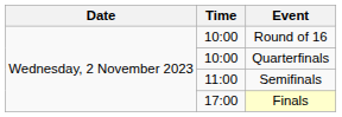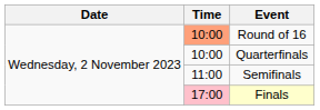 <table class = "wikitable" style="text-align:center;">
 <tr>
 <th width=220>Date</th>
 <th width=50>Time</th>
 <th width=100>Event</th>
 </tr>
 <tr>
 <td rowspan=5>Wednesday, 2 November 2023</td>
-<td>10:00</td>
+<td style="background: lightsalmon;">10:00</td>
 <td>Round of 16</td>
 </tr>
 <tr>
 <td>10:00</td>
 <td>Quarterfinals</td>
 </tr>
 <tr>
 <td>11:00</td>
 <td>Semifinals</td>
 </tr>
 <tr>
-<td>17:00</td>
+<td style="background: pink;">17:00</td>
 <td bgcolor=ffffcc>Finals</td>
 </tr>
 </table>
